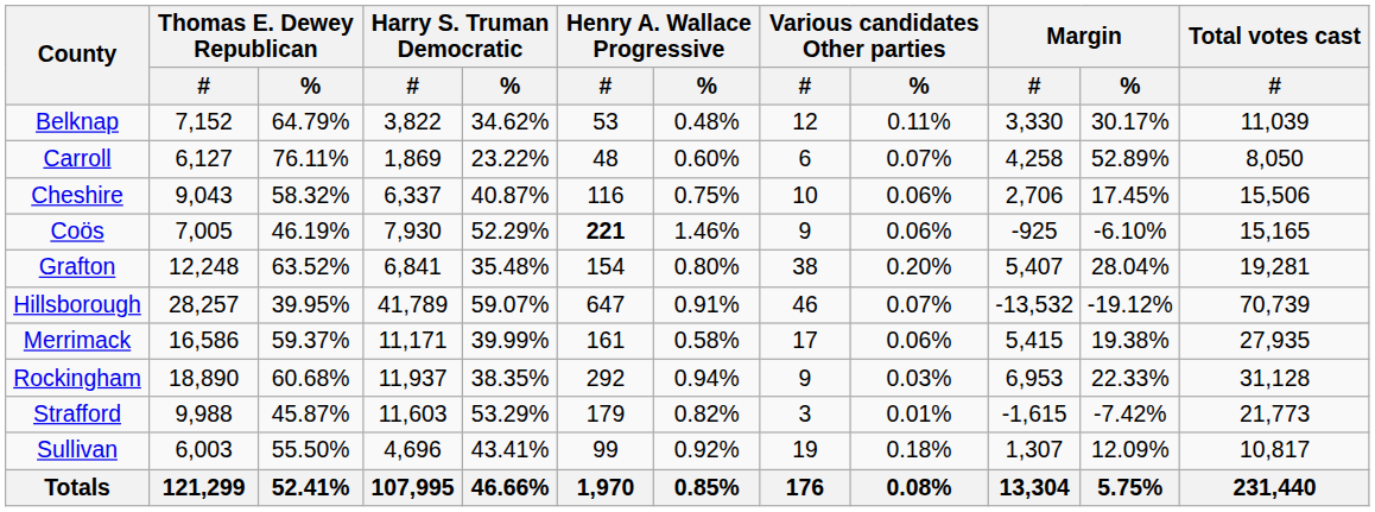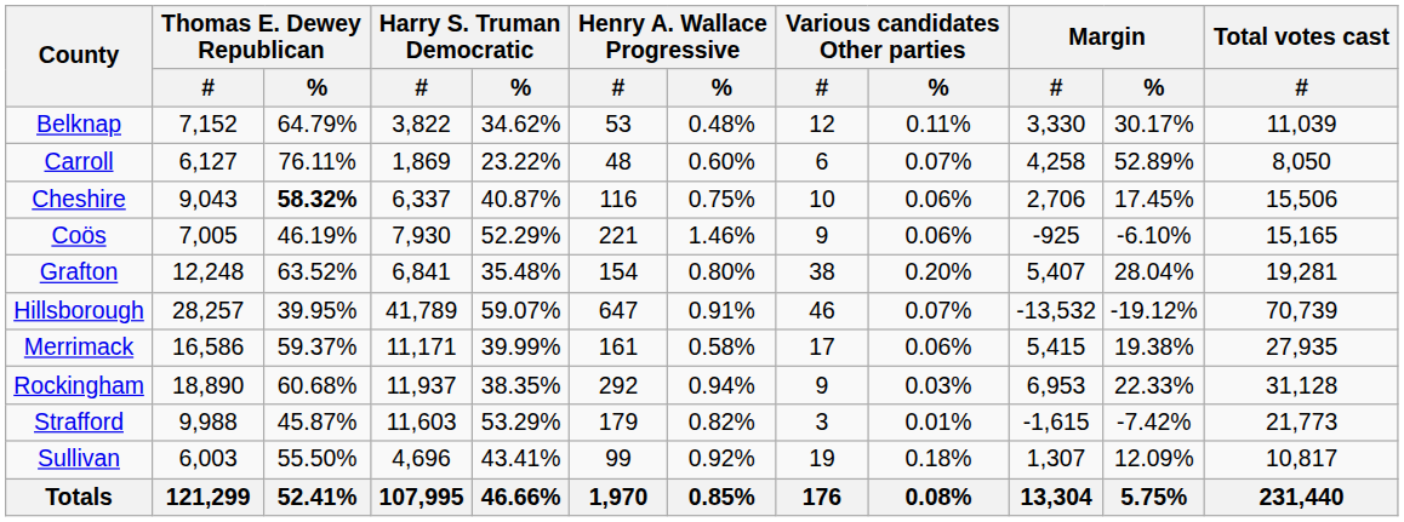 <table width="60%"  class="wikitable sortable" style="text-align:center">
 <tr>
 <th style="text-align:center;" rowspan="2">County</th>
 <th style="text-align:center;" colspan="2">Thomas E. Dewey<br>Republican</th>
 <th style="text-align:center;" colspan="2">Harry S. Truman<br>Democratic</th>
 <th style="text-align:center;" colspan="2">Henry A. Wallace<br>Progressive</th>
 <th style="text-align:center;" colspan="2">Various candidates<br>Other parties</th>
 <th style="text-align:center;" colspan="2">Margin</th>
 <th style="text-align:center;" colspan="1">Total votes cast</th>
 </tr>
 <tr>
 <th style="text-align:center;" data-sort-type="number">#</th>
 <th style="text-align:center;" data-sort-type="number">%</th>
 <th style="text-align:center;" data-sort-type="number">#</th>
 <th style="text-align:center;" data-sort-type="number">%</th>
 <th style="text-align:center;" data-sort-type="number">#</th>
 <th style="text-align:center;" data-sort-type="number">%</th>
 <th style="text-align:center;" data-sort-type="number">#</th>
 <th style="text-align:center;" data-sort-type="number">%</th>
 <th style="text-align:center;" data-sort-type="number">#</th>
 <th style="text-align:center;" data-sort-type="number">%</th>
 <th style="text-align:center;" data-sort-type="number">#</th>
 </tr>
 <tr style="text-align:center;">
 <td><a href='#'>Belknap</a></td>
 <td>7,152</td>
 <td>64.79%</td>
 <td>3,822</td>
 <td>34.62%</td>
 <td>53</td>
 <td>0.48%</td>
 <td>12</td>
 <td>0.11%</td>
 <td>3,330</td>
 <td>30.17%</td>
 <td>11,039</td>
 </tr>
 <tr style="text-align:center;">
 <td><a href='#'>Carroll</a></td>
 <td>6,127</td>
 <td>76.11%</td>
 <td>1,869</td>
 <td>23.22%</td>
 <td>48</td>
 <td>0.60%</td>
 <td>6</td>
 <td>0.07%</td>
 <td>4,258</td>
 <td>52.89%</td>
 <td>8,050</td>
 </tr>
 <tr style="text-align:center;">
 <td><a href='#'>Cheshire</a></td>
 <td>9,043</td>
-<td>58.32%</td>
+<td><strong>58.32%</strong></td>
 <td>6,337</td>
 <td>40.87%</td>
 <td>116</td>
 <td>0.75%</td>
 <td>10</td>
 <td>0.06%</td>
 <td>2,706</td>
 <td>17.45%</td>
 <td>15,506</td>
 </tr>
 <tr style="text-align:center;">
 <td><a href='#'>Coös</a></td>
 <td>7,005</td>
 <td>46.19%</td>
 <td>7,930</td>
 <td>52.29%</td>
-<td><strong>221</strong></td>
+<td>221</td>
 <td>1.46%</td>
 <td>9</td>
 <td>0.06%</td>
 <td>-925</td>
 <td>-6.10%</td>
 <td>15,165</td>
 </tr>
 <tr style="text-align:center;">
 <td><a href='#'>Grafton</a></td>
 <td>12,248</td>
 <td>63.52%</td>
 <td>6,841</td>
 <td>35.48%</td>
 <td>154</td>
 <td>0.80%</td>
 <td>38</td>
 <td>0.20%</td>
 <td>5,407</td>
 <td>28.04%</td>
 <td>19,281</td>
 </tr>
 <tr style="text-align:center;">
 <td><a href='#'>Hillsborough</a></td>
 <td>28,257</td>
 <td>39.95%</td>
 <td>41,789</td>
 <td>59.07%</td>
 <td>647</td>
 <td>0.91%</td>
 <td>46</td>
 <td>0.07%</td>
 <td>-13,532</td>
 <td>-19.12%</td>
 <td>70,739</td>
 </tr>
 <tr style="text-align:center;">
 <td><a href='#'>Merrimack</a></td>
 <td>16,586</td>
 <td>59.37%</td>
 <td>11,171</td>
 <td>39.99%</td>
 <td>161</td>
 <td>0.58%</td>
 <td>17</td>
 <td>0.06%</td>
 <td>5,415</td>
 <td>19.38%</td>
 <td>27,935</td>
 </tr>
 <tr style="text-align:center;">
 <td><a href='#'>Rockingham</a></td>
 <td>18,890</td>
 <td>60.68%</td>
 <td>11,937</td>
 <td>38.35%</td>
 <td>292</td>
 <td>0.94%</td>
 <td>9</td>
 <td>0.03%</td>
 <td>6,953</td>
 <td>22.33%</td>
 <td>31,128</td>
 </tr>
 <tr style="text-align:center;">
 <td><a href='#'>Strafford</a></td>
 <td>9,988</td>
 <td>45.87%</td>
 <td>11,603</td>
 <td>53.29%</td>
 <td>179</td>
 <td>0.82%</td>
 <td>3</td>
 <td>0.01%</td>
 <td>-1,615</td>
 <td>-7.42%</td>
 <td>21,773</td>
 </tr>
 <tr style="text-align:center;">
 <td><a href='#'>Sullivan</a></td>
 <td>6,003</td>
 <td>55.50%</td>
 <td>4,696</td>
 <td>43.41%</td>
 <td>99</td>
 <td>0.92%</td>
 <td>19</td>
 <td>0.18%</td>
 <td>1,307</td>
 <td>12.09%</td>
 <td>10,817</td>
 </tr>
 <tr style="text-align:center;">
 <th>Totals</th>
 <th>121,299</th>
 <th>52.41%</th>
 <th>107,995</th>
 <th>46.66%</th>
 <th>1,970</th>
 <th>0.85%</th>
 <th>176</th>
 <th>0.08%</th>
 <th>13,304</th>
 <th>5.75%</th>
 <th>231,440</th>
 </tr>
 </table>
